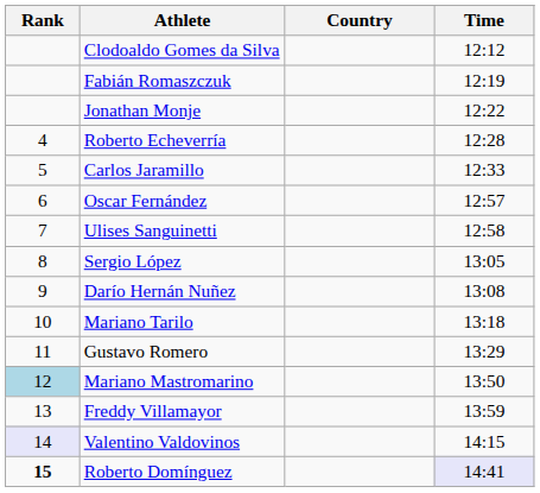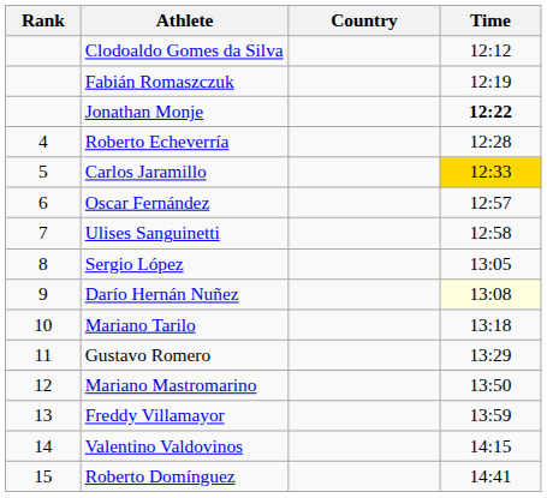 <table class="wikitable sortable" style=" text-align:center; font-size:95%;" width="50%">
 <tr>
 </tr>
 <tr>
 <th width=5%>Rank</th>
 <th width=20%>Athlete</th>
 <th width=15%>Country</th>
 <th width=10%>Time</th>
 </tr>
 <tr>
 <td align=center></td>
 <td align=left><a href='#'>Clodoaldo Gomes da Silva</a></td>
 <td align=left></td>
 <td>12:12</td>
 </tr>
 <tr>
 <td align=center></td>
 <td align=left><a href='#'>Fabián Romaszczuk</a></td>
 <td align=left></td>
 <td>12:19</td>
 </tr>
 <tr>
 <td align=center></td>
 <td align=left><a href='#'>Jonathan Monje</a></td>
 <td align=left></td>
-<td>12:22</td>
+<td><strong>12:22</strong></td>
 </tr>
 <tr>
 <td align=center>4</td>
 <td align=left><a href='#'>Roberto Echeverría</a></td>
 <td align=left></td>
 <td>12:28</td>
 </tr>
 <tr>
 <td align=center>5</td>
 <td align=left><a href='#'>Carlos Jaramillo</a></td>
 <td align=left></td>
-<td>12:33</td>
+<td style="background: gold;">12:33</td>
 </tr>
 <tr>
 <td align=center>6</td>
 <td align=left><a href='#'>Oscar Fernández</a></td>
 <td align=left></td>
 <td>12:57</td>
 </tr>
 <tr>
 <td align=center>7</td>
 <td align=left><a href='#'>Ulises Sanguinetti</a></td>
 <td align=left></td>
 <td>12:58</td>
 </tr>
 <tr>
 <td align=center>8</td>
 <td align=left><a href='#'>Sergio López</a></td>
 <td align=left></td>
 <td>13:05</td>
 </tr>
 <tr>
 <td align=center>9</td>
 <td align=left><a href='#'>Darío Hernán Nuñez</a></td>
 <td align=left></td>
-<td>13:08</td>
+<td style="background: lightyellow;">13:08</td>
 </tr>
 <tr>
 <td align=center>10</td>
 <td align=left><a href='#'>Mariano Tarilo</a></td>
 <td align=left></td>
 <td>13:18</td>
 </tr>
 <tr>
 <td align=center>11</td>
 <td align=left>Gustavo Romero</td>
 <td align=left></td>
 <td>13:29</td>
 </tr>
 <tr>
-<td align=center style="background: lightblue;">12</td>
+<td align=center>12</td>
 <td align=left><a href='#'>Mariano Mastromarino</a></td>
 <td align=left></td>
 <td>13:50</td>
 </tr>
 <tr>
 <td align=center>13</td>
 <td align=left><a href='#'>Freddy Villamayor</a></td>
 <td align=left></td>
 <td>13:59</td>
 </tr>
 <tr>
-<td align=center style="background: lavender;">14</td>
+<td align=center>14</td>
 <td align=left><a href='#'>Valentino Valdovinos</a></td>
 <td align=left></td>
 <td>14:15</td>
 </tr>
 <tr>
-<td align=center><strong>15</strong></td>
+<td align=center>15</td>
 <td align=left><a href='#'>Roberto Domínguez</a></td>
 <td align=left></td>
-<td style="background: lavender;">14:41</td>
+<td>14:41</td>
 </tr>
 </table>
